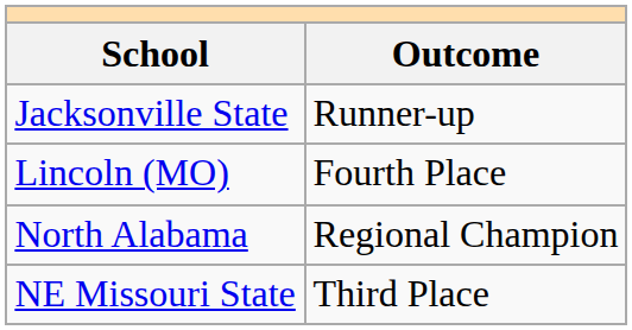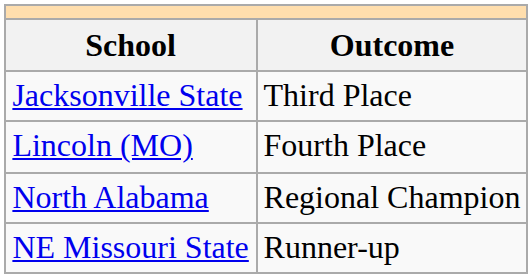 <table class="wikitable" style="float:left; margin-right:1em;">
 <tr>
 <th colspan="3" style="background:#ffdead;"></th>
 </tr>
 <tr>
 <th>School</th>
 <th>Outcome</th>
 </tr>
 <tr>
 <td><a href='#'>Jacksonville State</a></td>
-<td>Runner-up</td>
+<td>Third Place</td>
 </tr>
 <tr>
 <td><a href='#'>Lincoln (MO)</a></td>
 <td>Fourth Place</td>
 </tr>
 <tr>
 <td><a href='#'>North Alabama</a></td>
 <td>Regional Champion</td>
 </tr>
 <tr>
 <td><a href='#'>NE Missouri State</a></td>
-<td>Third Place</td>
+<td>Runner-up</td>
 </tr>
 </table>
